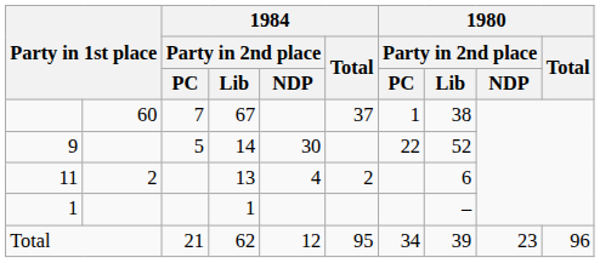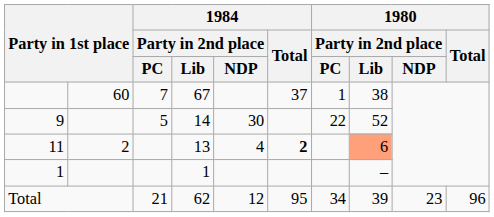 <table class="wikitable" style="text-align:right;">
 <tr>
 <th rowspan="3" colspan="2" style="text-align:left;">Party in 1st place</th>
 <th colspan="4">1984</th>
 <th colspan="4">1980</th>
 </tr>
 <tr>
 <th colspan="3">Party in 2nd place</th>
 <th rowspan="2">Total</th>
 <th colspan="3">Party in 2nd place</th>
 <th rowspan="2">Total</th>
 </tr>
 <tr>
 <th>PC</th>
 <th>Lib</th>
 <th>NDP</th>
 <th>PC</th>
 <th>Lib</th>
 <th>NDP</th>
 </tr>
 <tr>
 <td></td>
 <td>60</td>
 <td>7</td>
 <td>67</td>
 <td></td>
 <td>37</td>
 <td>1</td>
 <td>38</td>
 </tr>
 <tr>
 <td>9</td>
 <td></td>
 <td>5</td>
 <td>14</td>
 <td>30</td>
 <td></td>
 <td>22</td>
 <td>52</td>
 </tr>
 <tr>
 <td>11</td>
 <td>2</td>
 <td></td>
 <td>13</td>
 <td>4</td>
-<td>2</td>
+<td><strong>2</strong></td>
 <td></td>
-<td>6</td>
+<td style="background: lightsalmon;">6</td>
 </tr>
 <tr>
 <td>1</td>
 <td></td>
 <td></td>
 <td>1</td>
 <td></td>
 <td></td>
 <td></td>
 <td>–</td>
 </tr>
 <tr>
 <td colspan="2" style="text-align:left;">Total</td>
 <td>21</td>
 <td>62</td>
 <td>12</td>
 <td>95</td>
 <td>34</td>
 <td>39</td>
 <td>23</td>
 <td>96</td>
 </tr>
 </table>
